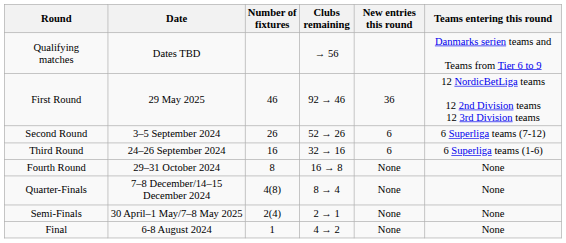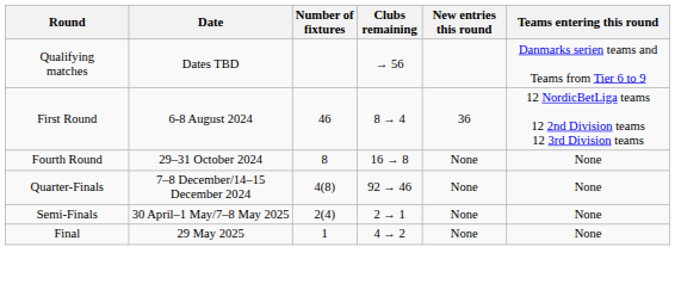 <table class="wikitable plainrowheaders" style="text-align:center">
 <tr>
 <th scope="col" style="width:150px">Round</th>
 <th scope="col" style="width:200px">Date</th>
 <th scope="col" style="width:75px">Number of fixtures</th>
 <th scope="col" style="width:75px">Clubs remaining</th>
 <th scope="col" style="width:100px">New entries this round</th>
 <th scope="col" style="width:200px">Teams entering this round</th>
 </tr>
 <tr>
 <td>Qualifying<br>matches</td>
 <td>Dates TBD</td>
 <td></td>
 <td>→ 56</td>
 <td></td>
 <td><a href='#'>Danmarks serien</a> teams and<br><br>Teams from <a href='#'>Tier 6 to 9</a></td>
 </tr>
 <tr>
 <td>First Round</td>
-<td>29 May 2025</td>
+<td>6-8 August 2024</td>
 <td>46</td>
-<td>92 → 46</td>
+<td>8 → 4</td>
 <td>36</td>
 <td>12 <a href='#'>NordicBetLiga</a> teams<br><br>12 <a href='#'>2nd Division</a> teams<br> 12 <a href='#'>3rd Division</a> teams<br></td>
-</tr>
-<tr>
-<td>Second Round</td>
-<td>3–5 September 2024</td>
-<td>26</td>
-<td>52 → 26</td>
-<td>6</td>
-<td>6 <a href='#'>Superliga</a> teams (7-12)</td>
-</tr>
-<tr>
-<td>Third Round</td>
-<td>24–26 September 2024</td>
-<td>16</td>
-<td>32 → 16</td>
-<td>6</td>
-<td>6 <a href='#'>Superliga</a> teams (1-6)</td>
 </tr>
 <tr>
 <td>Fourth Round</td>
 <td>29–31 October 2024</td>
 <td>8</td>
 <td>16 → 8</td>
 <td>None</td>
 <td>None</td>
 </tr>
 <tr>
 <td>Quarter-Finals</td>
 <td>7–8 December/14–15 December 2024</td>
 <td>4(8)</td>
-<td>8 → 4</td>
+<td>92 → 46</td>
 <td>None</td>
 <td>None</td>
 </tr>
 <tr>
 <td>Semi-Finals</td>
 <td>30 April–1 May/7–8 May 2025</td>
 <td>2(4)</td>
 <td>2 → 1</td>
 <td>None</td>
 <td>None</td>
 </tr>
 <tr>
 <td>Final</td>
-<td>6-8 August 2024</td>
+<td>29 May 2025</td>
 <td>1</td>
 <td>4 → 2</td>
 <td>None</td>
 <td>None</td>
 </tr>
 </table>
